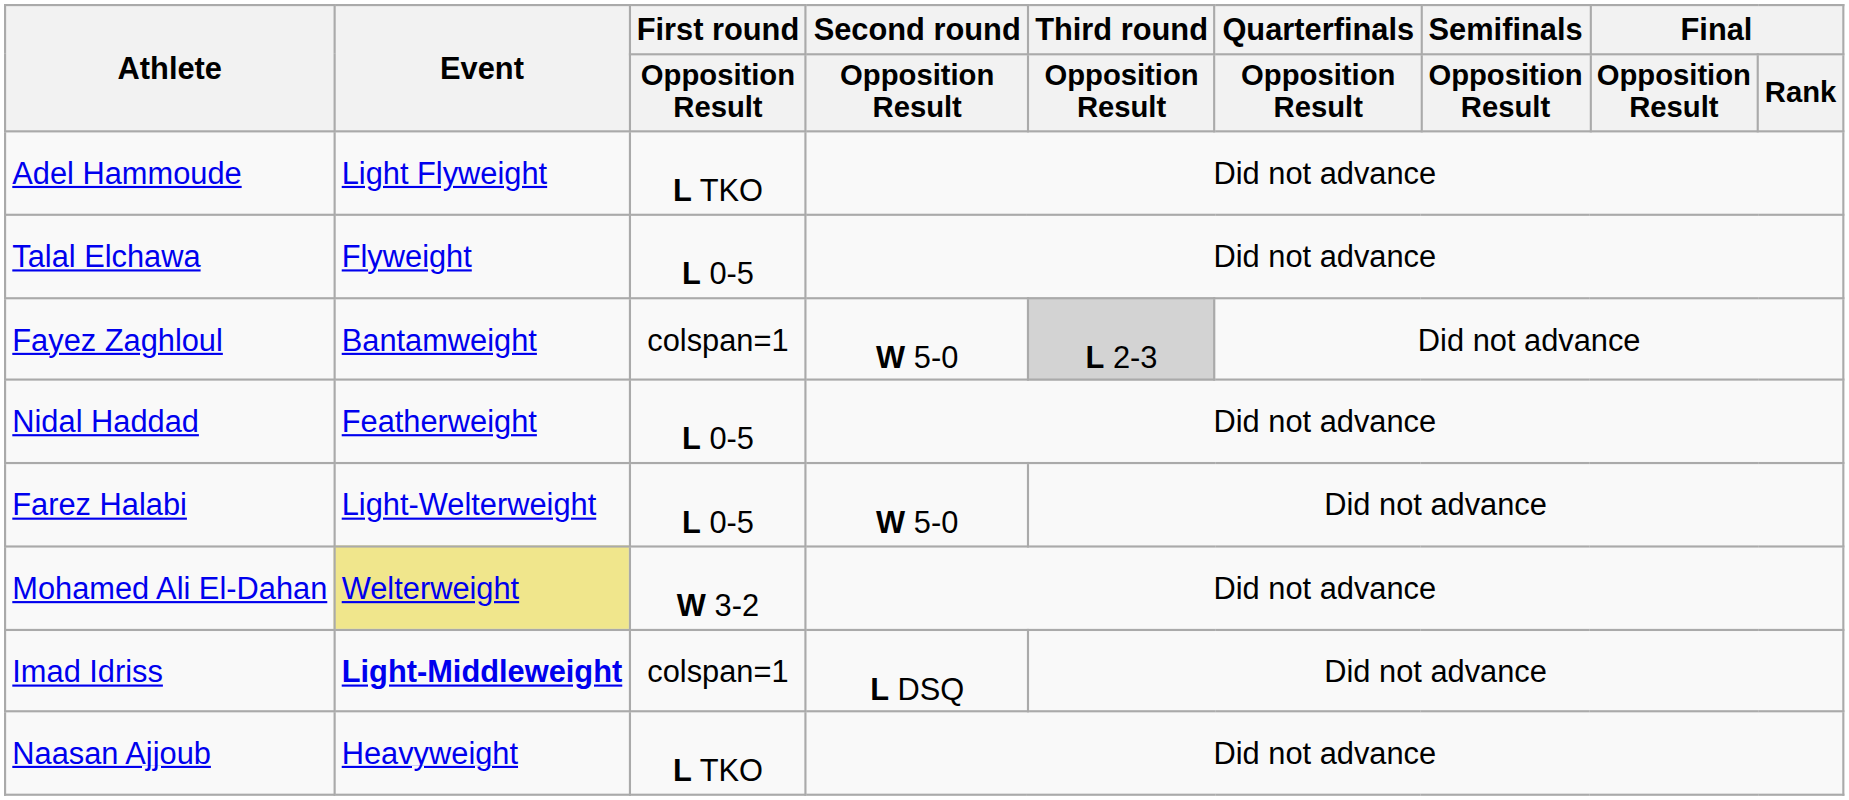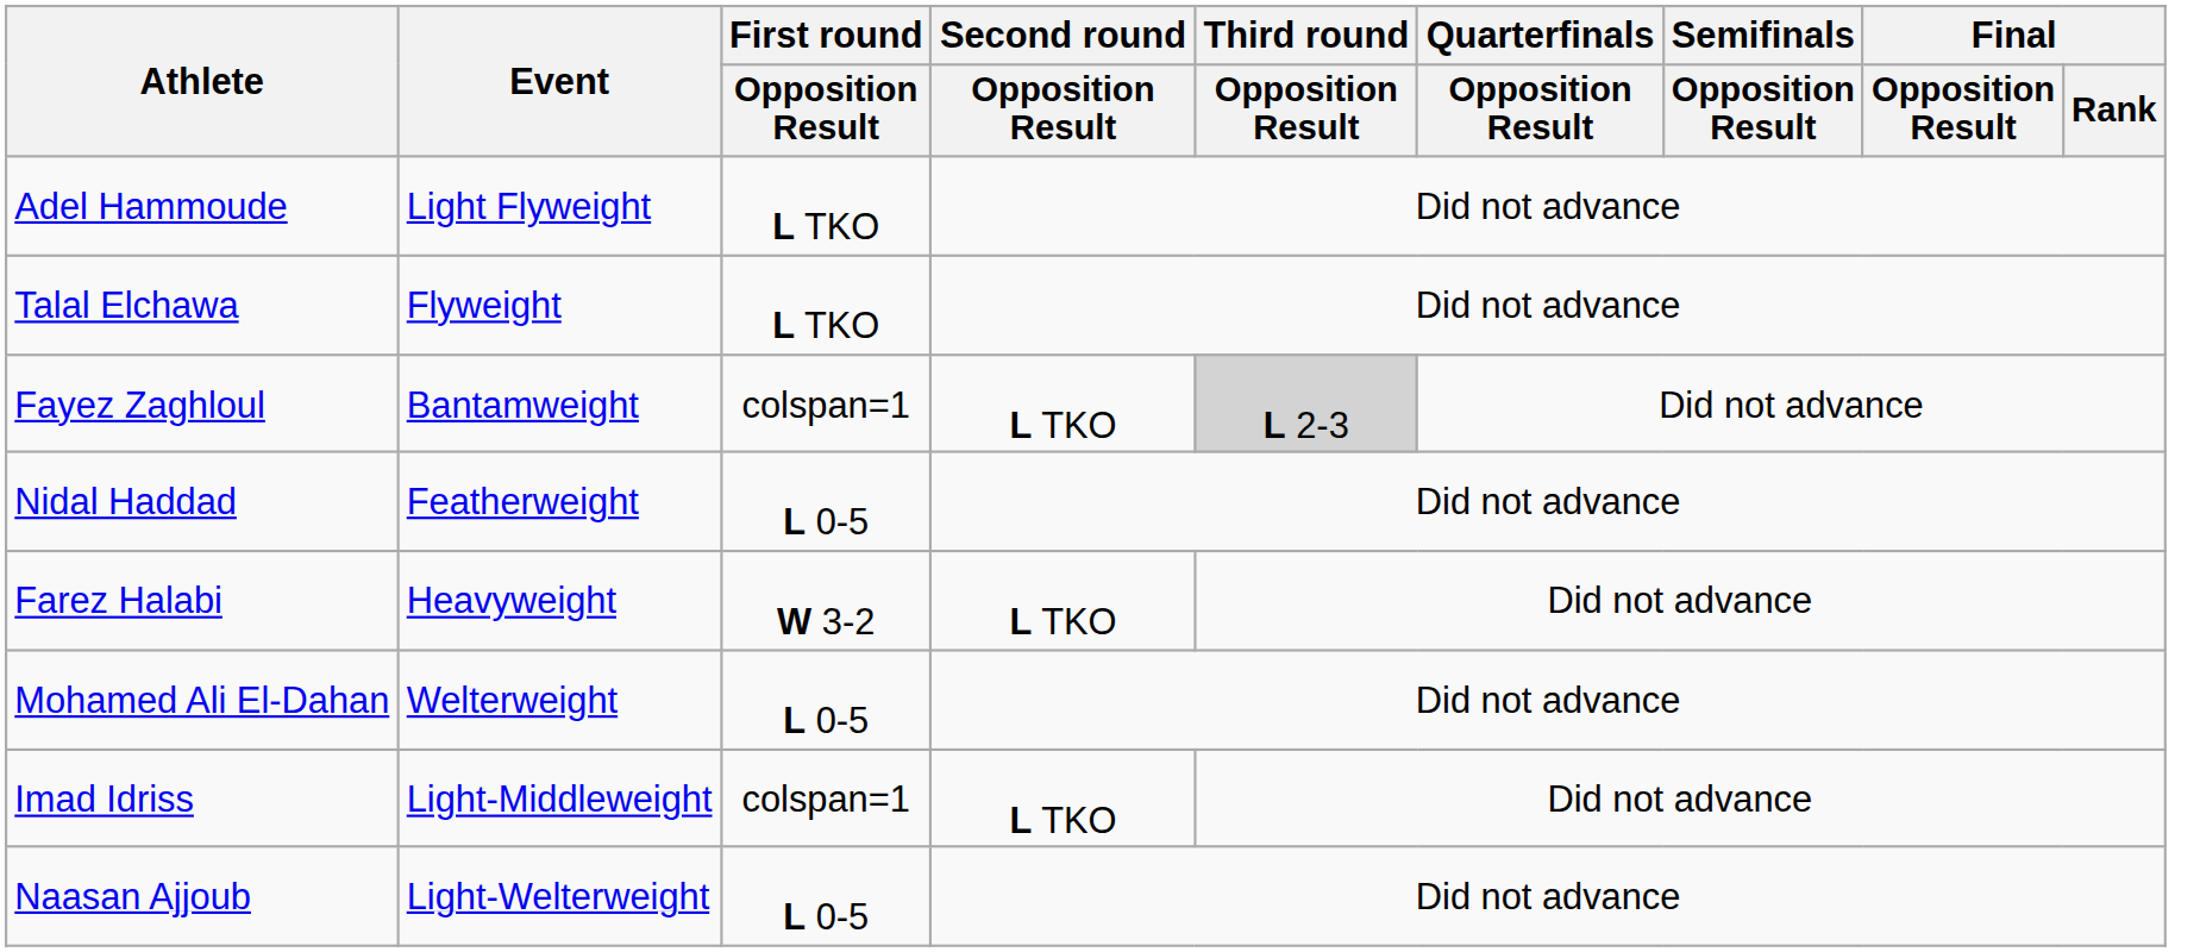 <table class="wikitable" style="font-size:90%">
 <tr>
 <th rowspan="2">Athlete</th>
 <th rowspan="2">Event</th>
 <th>First round</th>
 <th>Second round</th>
 <th>Third round</th>
 <th>Quarterfinals</th>
 <th>Semifinals</th>
 <th colspan=2>Final</th>
 </tr>
 <tr style="font-size:95%">
 <th>Opposition<br>Result</th>
 <th>Opposition<br>Result</th>
 <th>Opposition<br>Result</th>
 <th>Opposition<br>Result</th>
 <th>Opposition<br>Result</th>
 <th>Opposition<br>Result</th>
 <th>Rank</th>
 </tr>
 <tr align=center>
 <td align=left><a href='#'>Adel Hammoude</a></td>
 <td align=left><a href='#'>Light Flyweight</a></td>
 <td><br><strong>L</strong> TKO</td>
 <td colspan=6>Did not advance</td>
 </tr>
 <tr align=center>
 <td align=left><a href='#'>Talal Elchawa</a></td>
 <td align=left><a href='#'>Flyweight</a></td>
-<td><br><strong>L</strong> 0-5</td>
+<td><br><strong>L</strong> TKO</td>
 <td colspan=6>Did not advance</td>
 </tr>
 <tr align=center>
 <td align=left><a href='#'>Fayez Zaghloul</a></td>
 <td align=left><a href='#'>Bantamweight</a></td>
 <td>colspan=1 </td>
-<td><br><strong>W</strong> 5-0</td>
+<td><br><strong>L</strong> TKO</td>
 <td style="background: lightgrey;"><br><strong>L</strong> 2-3</td>
 <td colspan=4>Did not advance</td>
 </tr>
 <tr align=center>
 <td align=left><a href='#'>Nidal Haddad</a></td>
 <td align=left><a href='#'>Featherweight</a></td>
 <td><br><strong>L</strong> 0-5</td>
 <td colspan=6>Did not advance</td>
 </tr>
 <tr align=center>
 <td align=left><a href='#'>Farez Halabi</a></td>
-<td align=left><a href='#'>Light-Welterweight</a></td>
-<td><br><strong>L</strong> 0-5</td>
-<td><br><strong>W</strong> 5-0</td>
+<td align=left><a href='#'>Heavyweight</a></td>
+<td><br><strong>W</strong> 3-2</td>
+<td><br><strong>L</strong> TKO</td>
 <td colspan=5>Did not advance</td>
 </tr>
 <tr align=center>
 <td align=left><a href='#'>Mohamed Ali El-Dahan</a></td>
-<td align=left style="background: khaki;"><a href='#'>Welterweight</a></td>
-<td><br><strong>W</strong> 3-2</td>
+<td align=left><a href='#'>Welterweight</a></td>
+<td><br><strong>L</strong> 0-5</td>
 <td colspan=6>Did not advance</td>
 </tr>
 <tr align=center>
 <td align=left><a href='#'>Imad Idriss</a></td>
-<td align=left><strong><a href='#'>Light-Middleweight</a></strong></td>
+<td align=left><a href='#'>Light-Middleweight</a></td>
 <td>colspan=1 </td>
-<td><br><strong>L</strong> DSQ</td>
+<td><br><strong>L</strong> TKO</td>
 <td colspan=6>Did not advance</td>
 </tr>
 <tr align=center>
 <td align=left><a href='#'>Naasan Ajjoub</a></td>
-<td align=left><a href='#'>Heavyweight</a></td>
-<td><br><strong>L</strong> TKO</td>
+<td align=left><a href='#'>Light-Welterweight</a></td>
+<td><br><strong>L</strong> 0-5</td>
 <td colspan=6>Did not advance</td>
 </tr>
 </table>
